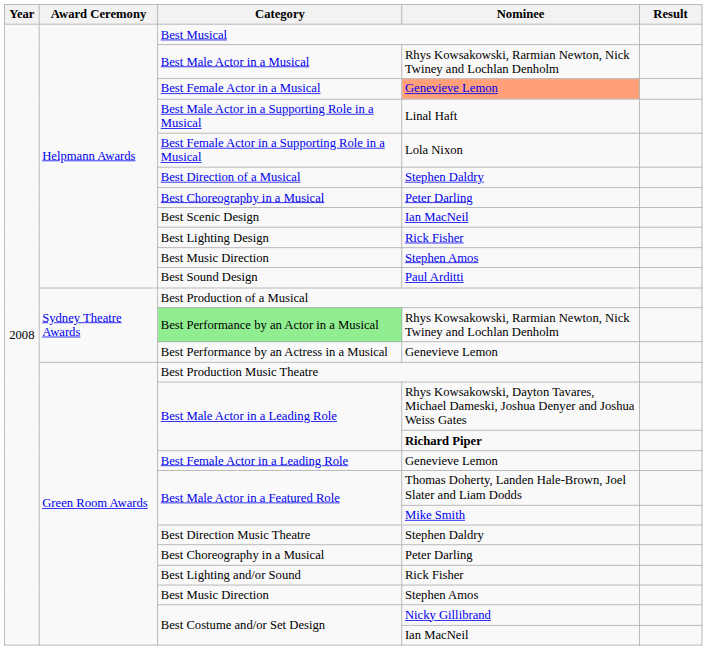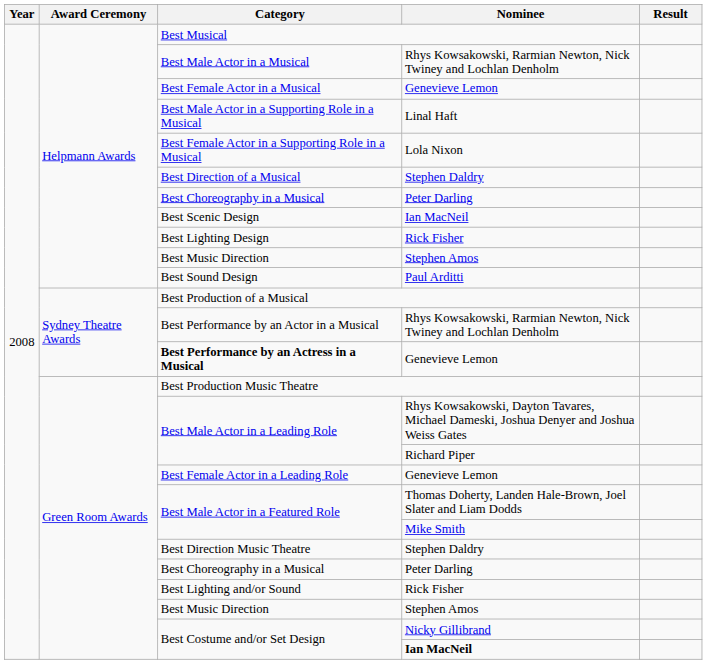 <table class="wikitable" width="100%">
 <tr>
 <th width="5%">Year</th>
 <th width="17%">Award Ceremony</th>
 <th width="35%">Category</th>
 <th width="34%">Nominee</th>
 <th width="9%">Result</th>
 </tr>
 <tr>
 <td rowspan="26" align="center">2008</td>
 <td rowspan="11"><a href='#'>Helpmann Awards</a></td>
 <td colspan="2"><a href='#'>Best Musical</a></td>
 <td></td>
 </tr>
 <tr>
 <td><a href='#'>Best Male Actor in a Musical</a></td>
 <td>Rhys Kowsakowski, Rarmian Newton, Nick Twiney and Lochlan Denholm</td>
 <td></td>
 </tr>
 <tr>
 <td><a href='#'>Best Female Actor in a Musical</a></td>
-<td style="background: lightsalmon;"><a href='#'>Genevieve Lemon</a></td>
+<td><a href='#'>Genevieve Lemon</a></td>
 <td></td>
 </tr>
 <tr>
 <td><a href='#'>Best Male Actor in a Supporting Role in a Musical</a></td>
 <td>Linal Haft</td>
 <td></td>
 </tr>
 <tr>
 <td><a href='#'>Best Female Actor in a Supporting Role in a Musical</a></td>
 <td>Lola Nixon</td>
 <td></td>
 </tr>
 <tr>
 <td><a href='#'>Best Direction of a Musical</a></td>
 <td><a href='#'>Stephen Daldry</a></td>
 <td></td>
 </tr>
 <tr>
 <td><a href='#'>Best Choreography in a Musical</a></td>
 <td><a href='#'>Peter Darling</a></td>
 <td></td>
 </tr>
 <tr>
 <td>Best Scenic Design</td>
 <td><a href='#'>Ian MacNeil</a></td>
 <td></td>
 </tr>
 <tr>
 <td>Best Lighting Design</td>
 <td><a href='#'>Rick Fisher</a></td>
 <td></td>
 </tr>
 <tr>
 <td>Best Music Direction</td>
 <td><a href='#'>Stephen Amos</a></td>
 <td></td>
 </tr>
 <tr>
 <td>Best Sound Design</td>
 <td><a href='#'>Paul Arditti</a></td>
 <td></td>
 </tr>
 <tr>
 <td rowspan="3"><a href='#'>Sydney Theatre Awards</a></td>
 <td colspan="2">Best Production of a Musical</td>
 <td></td>
 </tr>
 <tr>
-<td style="background: lightgreen;">Best Performance by an Actor in a Musical</td>
+<td>Best Performance by an Actor in a Musical</td>
 <td>Rhys Kowsakowski, Rarmian Newton, Nick Twiney and Lochlan Denholm</td>
 <td></td>
 </tr>
 <tr>
-<td>Best Performance by an Actress in a Musical</td>
+<td><strong>Best Performance by an Actress in a Musical</strong></td>
 <td>Genevieve Lemon</td>
 <td></td>
 </tr>
 <tr>
 <td rowspan="12"><a href='#'>Green Room Awards</a></td>
 <td colspan="2">Best Production Music Theatre</td>
 <td></td>
 </tr>
 <tr>
 <td rowspan="2"><a href='#'>Best Male Actor in a Leading Role</a></td>
 <td>Rhys Kowsakowski, Dayton Tavares, Michael Dameski, Joshua Denyer and Joshua Weiss Gates</td>
 <td></td>
 </tr>
 <tr>
-<td><strong>Richard Piper</strong></td>
+<td>Richard Piper</td>
 <td></td>
 </tr>
 <tr>
 <td><a href='#'>Best Female Actor in a Leading Role</a></td>
 <td>Genevieve Lemon</td>
 <td></td>
 </tr>
 <tr>
 <td rowspan="2"><a href='#'>Best Male Actor in a Featured Role</a></td>
 <td>Thomas Doherty, Landen Hale-Brown, Joel Slater and Liam Dodds</td>
 <td></td>
 </tr>
 <tr>
 <td><a href='#'>Mike Smith</a></td>
 <td></td>
 </tr>
 <tr>
 <td>Best Direction Music Theatre</td>
 <td>Stephen Daldry</td>
 <td></td>
 </tr>
 <tr>
 <td>Best Choreography in a Musical</td>
 <td>Peter Darling</td>
 <td></td>
 </tr>
 <tr>
 <td>Best Lighting and/or Sound</td>
 <td>Rick Fisher</td>
 <td></td>
 </tr>
 <tr>
 <td>Best Music Direction</td>
 <td>Stephen Amos</td>
 <td></td>
 </tr>
 <tr>
 <td rowspan="2">Best Costume and/or Set Design</td>
 <td><a href='#'>Nicky Gillibrand</a></td>
 <td></td>
 </tr>
 <tr>
-<td>Ian MacNeil</td>
+<td><strong>Ian MacNeil</strong></td>
 <td></td>
 </tr>
 </table>
